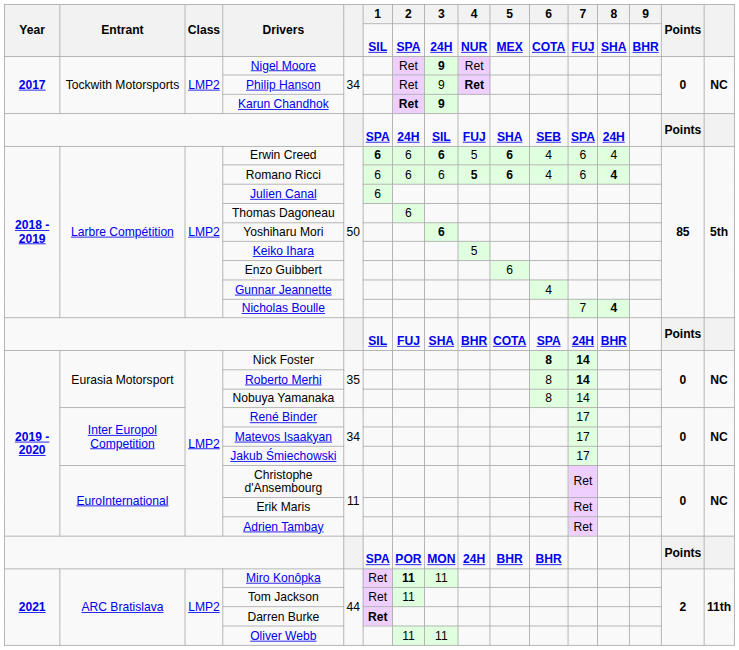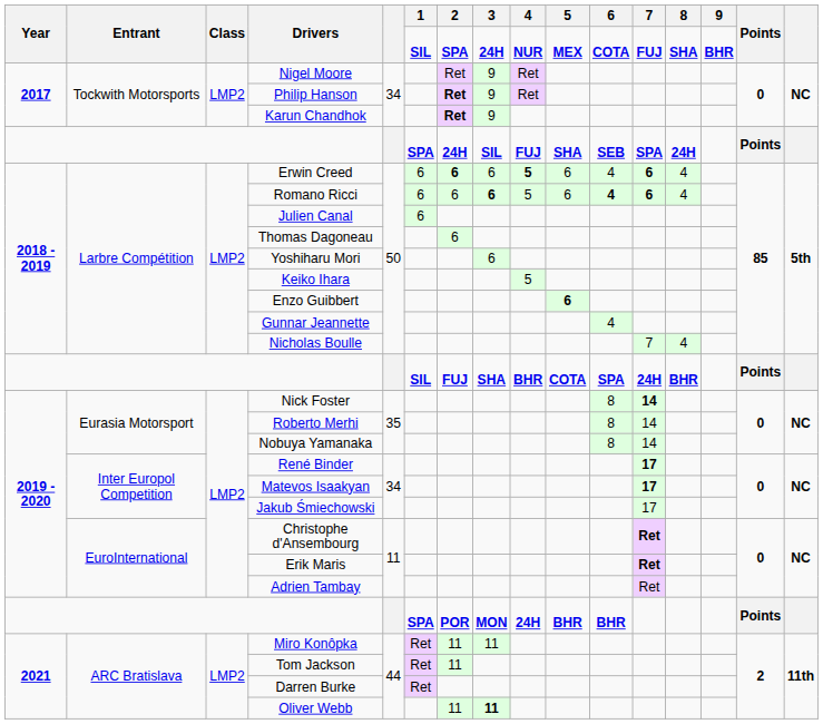 <table class="wikitable" style="text-align:center; font-size:90%">
 <tr>
 <th rowspan="2">Year</th>
 <th rowspan="2">Entrant</th>
 <th rowspan="2">Class</th>
 <th rowspan="2">Drivers</th>
 <th rowspan="2"></th>
 <th>1</th>
 <th>2</th>
 <th>3</th>
 <th>4</th>
 <th>5</th>
 <th>6</th>
 <th>7</th>
 <th>8</th>
 <th>9</th>
 <th rowspan="2">Points</th>
 <th rowspan="2"></th>
 </tr>
 <tr>
 <td><strong></strong><br><a href='#'><strong>SIL</strong></a></td>
 <td><strong></strong><br><a href='#'><strong>SPA</strong></a></td>
 <td><strong></strong><br><a href='#'><strong>24H</strong></a></td>
 <td><strong></strong><br><a href='#'><strong>NUR</strong></a></td>
 <td><strong></strong><br><a href='#'><strong>MEX</strong></a></td>
 <td><strong></strong><br><a href='#'><strong>COTA</strong></a></td>
 <td><strong></strong><br><a href='#'><strong>FUJ</strong></a></td>
 <td><strong></strong><br><a href='#'><strong>SHA</strong></a></td>
 <td><strong></strong><br><a href='#'><strong>BHR</strong></a></td>
 </tr>
 <tr>
 <td rowspan="3"><a href='#'><strong>2017</strong></a></td>
 <td rowspan="3"> Tockwith Motorsports</td>
 <td rowspan="3"><a href='#'>LMP2</a></td>
 <td> <a href='#'>Nigel Moore</a></td>
 <td rowspan="3">34</td>
 <td></td>
 <td style="background:#EFCFFF;">Ret</td>
-<td style="background:#DFFFDF;"><strong>9</strong></td>
+<td style="background:#DFFFDF;">9</td>
 <td style="background:#EFCFFF;">Ret</td>
 <td></td>
 <td></td>
 <td></td>
 <td></td>
 <td></td>
 <td rowspan="3"><strong>0</strong></td>
 <td rowspan="3"><strong>NC</strong></td>
 </tr>
 <tr>
 <td> <a href='#'>Philip Hanson</a></td>
 <td></td>
+<td style="background:#EFCFFF;"><strong>Ret</strong></td>
+<td style="background:#DFFFDF;">9</td>
 <td style="background:#EFCFFF;">Ret</td>
-<td style="background:#DFFFDF;">9</td>
-<td style="background:#EFCFFF;"><strong>Ret</strong></td>
 <td></td>
 <td></td>
 <td></td>
 <td></td>
 <td></td>
 </tr>
 <tr>
 <td> <a href='#'>Karun Chandhok</a></td>
 <td></td>
 <td style="background:#EFCFFF;"><strong>Ret</strong></td>
-<td style="background:#DFFFDF;"><strong>9</strong></td>
+<td style="background:#DFFFDF;">9</td>
 <td></td>
 <td></td>
 <td></td>
 <td></td>
 <td></td>
 <td></td>
 </tr>
 <tr>
 <td colspan="4"></td>
 <th></th>
 <td><strong></strong><br><strong><a href='#'>SPA</a></strong></td>
 <td><strong></strong><br><strong><a href='#'>24H</a></strong></td>
 <td><strong></strong><br><strong><a href='#'>SIL</a></strong></td>
 <td><strong></strong><br><strong><a href='#'>FUJ</a></strong></td>
 <td><strong></strong><br><strong><a href='#'>SHA</a></strong></td>
 <td><strong></strong><br><strong><a href='#'>SEB</a></strong></td>
 <td><strong></strong><br><strong><a href='#'>SPA</a></strong></td>
 <td><strong></strong><br><strong><a href='#'>24H</a></strong></td>
 <td></td>
 <th>Points</th>
 <th></th>
 </tr>
 <tr>
 <td rowspan="9"><a href='#'><strong>2018 - 2019</strong></a></td>
 <td rowspan="9"> <a href='#'>Larbre Compétition</a></td>
 <td rowspan="9"><a href='#'>LMP2</a></td>
 <td> Erwin Creed</td>
 <td rowspan="9">50</td>
+<td style="background:#DFFFDF;">6</td>
 <td style="background:#DFFFDF;"><strong>6</strong></td>
 <td style="background:#DFFFDF;">6</td>
+<td style="background:#DFFFDF;"><strong>5</strong></td>
+<td style="background:#DFFFDF;">6</td>
+<td style="background:#DFFFDF;">4</td>
 <td style="background:#DFFFDF;"><strong>6</strong></td>
-<td style="background:#DFFFDF;">5</td>
-<td style="background:#DFFFDF;"><strong>6</strong></td>
-<td style="background:#DFFFDF;">4</td>
-<td style="background:#DFFFDF;">6</td>
 <td style="background:#DFFFDF;">4</td>
 <td></td>
 <td rowspan="9"><strong>85</strong></td>
 <td rowspan="9"><strong>5th</strong></td>
 </tr>
 <tr>
 <td> Romano Ricci</td>
 <td style="background:#DFFFDF;">6</td>
 <td style="background:#DFFFDF;">6</td>
+<td style="background:#DFFFDF;"><strong>6</strong></td>
+<td style="background:#DFFFDF;">5</td>
 <td style="background:#DFFFDF;">6</td>
-<td style="background:#DFFFDF;"><strong>5</strong></td>
+<td style="background:#DFFFDF;"><strong>4</strong></td>
 <td style="background:#DFFFDF;"><strong>6</strong></td>
 <td style="background:#DFFFDF;">4</td>
-<td style="background:#DFFFDF;">6</td>
-<td style="background:#DFFFDF;"><strong>4</strong></td>
 <td></td>
 </tr>
 <tr>
 <td> <a href='#'>Julien Canal</a></td>
 <td style="background:#DFFFDF;">6</td>
 <td></td>
 <td></td>
 <td></td>
 <td></td>
 <td></td>
 <td></td>
 <td></td>
 <td></td>
 </tr>
 <tr>
 <td> Thomas Dagoneau</td>
 <td></td>
 <td style="background:#DFFFDF;">6</td>
 <td></td>
 <td></td>
 <td></td>
 <td></td>
 <td></td>
 <td></td>
 <td></td>
 </tr>
 <tr>
 <td> Yoshiharu Mori</td>
 <td></td>
 <td></td>
-<td style="background:#DFFFDF;"><strong>6</strong></td>
+<td style="background:#DFFFDF;">6</td>
 <td></td>
 <td></td>
 <td></td>
 <td></td>
 <td></td>
 <td></td>
 </tr>
 <tr>
 <td> <a href='#'>Keiko Ihara</a></td>
 <td></td>
 <td></td>
 <td></td>
 <td style="background:#DFFFDF;">5</td>
 <td></td>
 <td></td>
 <td></td>
 <td></td>
 <td></td>
 </tr>
 <tr>
 <td> Enzo Guibbert</td>
 <td></td>
 <td></td>
 <td></td>
 <td></td>
-<td style="background:#DFFFDF;">6</td>
+<td style="background:#DFFFDF;"><strong>6</strong></td>
 <td></td>
 <td></td>
 <td></td>
 <td></td>
 </tr>
 <tr>
 <td> <a href='#'>Gunnar Jeannette</a></td>
 <td></td>
 <td></td>
 <td></td>
 <td></td>
 <td></td>
 <td style="background:#DFFFDF;">4</td>
 <td></td>
 <td></td>
 <td></td>
 </tr>
 <tr>
 <td> <a href='#'>Nicholas Boulle</a></td>
 <td></td>
 <td></td>
 <td></td>
 <td></td>
 <td></td>
 <td></td>
 <td style="background:#DFFFDF;">7</td>
-<td style="background:#DFFFDF;"><strong>4</strong></td>
+<td style="background:#DFFFDF;">4</td>
 <td></td>
 </tr>
 <tr>
 <td colspan="4"></td>
 <th></th>
 <td><strong></strong><br><strong><a href='#'>SIL</a></strong></td>
 <td><strong></strong><br><strong><a href='#'>FUJ</a></strong></td>
 <td><strong></strong><br><strong><a href='#'>SHA</a></strong></td>
 <td><strong></strong><br><strong><a href='#'>BHR</a></strong></td>
 <td><strong></strong><br><strong><a href='#'>COTA</a></strong></td>
 <td><strong></strong><br><strong><a href='#'>SPA</a></strong></td>
 <td><strong></strong><br><strong><a href='#'>24H</a></strong></td>
 <td><strong></strong><br><strong><a href='#'>BHR</a></strong></td>
 <td></td>
 <th>Points</th>
 <th></th>
 </tr>
 <tr>
 <td rowspan="9"><a href='#'><strong>2019 - 2020</strong></a></td>
 <td rowspan="3"> Eurasia Motorsport</td>
 <td rowspan="9"><a href='#'>LMP2</a></td>
 <td> Nick Foster</td>
 <td rowspan="3">35</td>
 <td></td>
 <td></td>
 <td></td>
 <td></td>
 <td></td>
-<td style="background:#DFFFDF;"><strong>8</strong></td>
+<td style="background:#DFFFDF;">8</td>
 <td style="background:#DFFFDF;"><strong>14</strong></td>
 <td></td>
 <td></td>
 <td rowspan="3"><strong>0</strong></td>
 <td rowspan="3"><strong>NC</strong></td>
 </tr>
 <tr>
 <td> <a href='#'>Roberto Merhi</a></td>
 <td></td>
 <td></td>
 <td></td>
 <td></td>
 <td></td>
 <td style="background:#DFFFDF;">8</td>
-<td style="background:#DFFFDF;"><strong>14</strong></td>
+<td style="background:#DFFFDF;">14</td>
 <td></td>
 <td></td>
 </tr>
 <tr>
 <td> Nobuya Yamanaka</td>
 <td></td>
 <td></td>
 <td></td>
 <td></td>
 <td></td>
 <td style="background:#DFFFDF;">8</td>
 <td style="background:#DFFFDF;">14</td>
 <td></td>
 <td></td>
 </tr>
 <tr>
 <td rowspan="3"> <a href='#'>Inter Europol Competition</a></td>
 <td> <a href='#'>René Binder</a></td>
 <td rowspan="3">34</td>
 <td></td>
 <td></td>
 <td></td>
 <td></td>
 <td></td>
 <td></td>
-<td style="background:#DFFFDF;">17</td>
+<td style="background:#DFFFDF;"><strong>17</strong></td>
 <td></td>
 <td></td>
 <td rowspan="3"><strong>0</strong></td>
 <td rowspan="3"><strong>NC</strong></td>
 </tr>
 <tr>
 <td> <a href='#'>Matevos Isaakyan</a></td>
 <td></td>
 <td></td>
 <td></td>
 <td></td>
 <td></td>
 <td></td>
-<td style="background:#DFFFDF;">17</td>
+<td style="background:#DFFFDF;"><strong>17</strong></td>
 <td></td>
 <td></td>
 </tr>
 <tr>
 <td> <a href='#'>Jakub Śmiechowski</a></td>
 <td></td>
 <td></td>
 <td></td>
 <td></td>
 <td></td>
 <td></td>
 <td style="background:#DFFFDF;">17</td>
 <td></td>
 <td></td>
 </tr>
 <tr>
 <td rowspan="3"> <a href='#'>EuroInternational</a></td>
 <td> Christophe d'Ansembourg</td>
 <td rowspan="3">11</td>
 <td></td>
 <td></td>
 <td></td>
 <td></td>
 <td></td>
 <td></td>
-<td style="background:#EFCFFF;">Ret</td>
+<td style="background:#EFCFFF;"><strong>Ret</strong></td>
 <td></td>
 <td></td>
 <td rowspan="3"><strong>0</strong></td>
 <td rowspan="3"><strong>NC</strong></td>
 </tr>
 <tr>
 <td> Erik Maris</td>
 <td></td>
 <td></td>
 <td></td>
 <td></td>
 <td></td>
 <td></td>
-<td style="background:#EFCFFF;">Ret</td>
+<td style="background:#EFCFFF;"><strong>Ret</strong></td>
 <td></td>
 <td></td>
 </tr>
 <tr>
 <td> <a href='#'>Adrien Tambay</a></td>
 <td></td>
 <td></td>
 <td></td>
 <td></td>
 <td></td>
 <td></td>
 <td style="background:#EFCFFF;">Ret</td>
 <td></td>
 <td></td>
 </tr>
 <tr>
 <td colspan="4"></td>
 <th></th>
 <td><strong></strong><br><strong><a href='#'>SPA</a></strong></td>
 <td><strong></strong><br><strong><a href='#'>POR</a></strong></td>
 <td><strong></strong><br><strong><a href='#'>MON</a></strong></td>
 <td><strong></strong><br><strong><a href='#'>24H</a></strong></td>
 <td><strong></strong><br><strong><a href='#'>BHR</a></strong></td>
 <td><strong></strong><br><strong><a href='#'>BHR</a></strong></td>
 <td></td>
 <td></td>
 <td></td>
 <th>Points</th>
 <th></th>
 </tr>
 <tr>
 <td rowspan="4"><a href='#'><strong>2021</strong></a></td>
 <td rowspan="4"> <a href='#'>ARC Bratislava</a></td>
 <td rowspan="4"><a href='#'>LMP2</a></td>
 <td> <a href='#'>Miro Konôpka</a></td>
 <td rowspan="4">44</td>
 <td style="background:#EFCFFF;">Ret</td>
-<td style="background:#DFFFDF;"><strong>11</strong></td>
+<td style="background:#DFFFDF;">11</td>
 <td style="background:#DFFFDF;">11</td>
 <td></td>
 <td></td>
 <td></td>
 <td></td>
 <td></td>
 <td></td>
 <td rowspan="4"><strong>2</strong></td>
 <td rowspan="4"><strong>11th</strong></td>
 </tr>
 <tr>
 <td> Tom Jackson</td>
 <td style="background:#EFCFFF;">Ret</td>
 <td style="background:#DFFFDF;">11</td>
 <td></td>
 <td></td>
 <td></td>
 <td></td>
 <td></td>
 <td></td>
 <td></td>
 </tr>
 <tr>
 <td> Darren Burke</td>
-<td style="background:#EFCFFF;"><strong>Ret</strong></td>
+<td style="background:#EFCFFF;">Ret</td>
 <td></td>
 <td></td>
 <td></td>
 <td></td>
 <td></td>
 <td></td>
 <td></td>
 <td></td>
 </tr>
 <tr>
 <td> <a href='#'>Oliver Webb</a></td>
 <td></td>
 <td style="background:#DFFFDF;">11</td>
-<td style="background:#DFFFDF;">11</td>
+<td style="background:#DFFFDF;"><strong>11</strong></td>
 <td></td>
 <td></td>
 <td></td>
 <td></td>
 <td></td>
 <td></td>
 </tr>
 </table>
